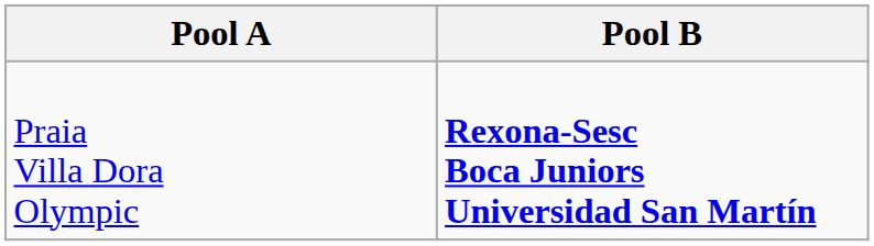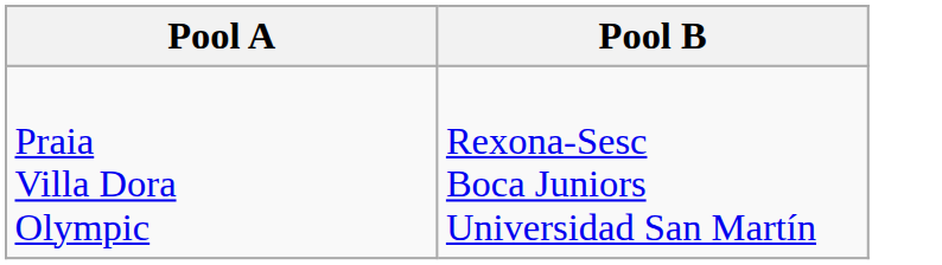 <table class="wikitable">
 <tr>
 <th width=45%>Pool A</th>
 <th width=45%>Pool B</th>
 </tr>
 <tr>
 <td><br> <a href='#'>Praia</a><br>  <a href='#'>Villa Dora</a><br>  <a href='#'>Olympic</a></td>
-<td><strong><br> <a href='#'>Rexona-Sesc</a><br>  <a href='#'>Boca Juniors</a><br>  <a href='#'>Universidad San Martín</a></strong></td>
+<td><br> <a href='#'>Rexona-Sesc</a><br>  <a href='#'>Boca Juniors</a><br>  <a href='#'>Universidad San Martín</a></td>
 </tr>
 </table>
